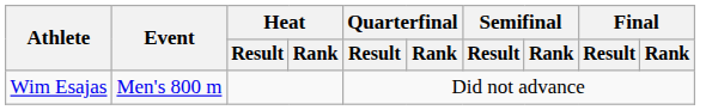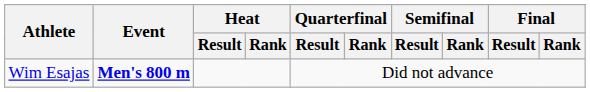 <table class="wikitable" style="font-size:90%">
 <tr>
 <th rowspan="2">Athlete</th>
 <th rowspan="2">Event</th>
 <th colspan="2">Heat</th>
 <th colspan="2">Quarterfinal</th>
 <th colspan="2">Semifinal</th>
 <th colspan="2">Final</th>
 </tr>
 <tr style="font-size:95%">
 <th>Result</th>
 <th>Rank</th>
 <th>Result</th>
 <th>Rank</th>
 <th>Result</th>
 <th>Rank</th>
 <th>Result</th>
 <th>Rank</th>
 </tr>
 <tr align=center>
 <td align=left><a href='#'>Wim Esajas</a></td>
-<td align=left><a href='#'>Men's 800 m</a></td>
+<td align=left><strong><a href='#'>Men's 800 m</a></strong></td>
 <td colspan=2></td>
 <td colspan=6>Did not advance</td>
 </tr>
 </table>
